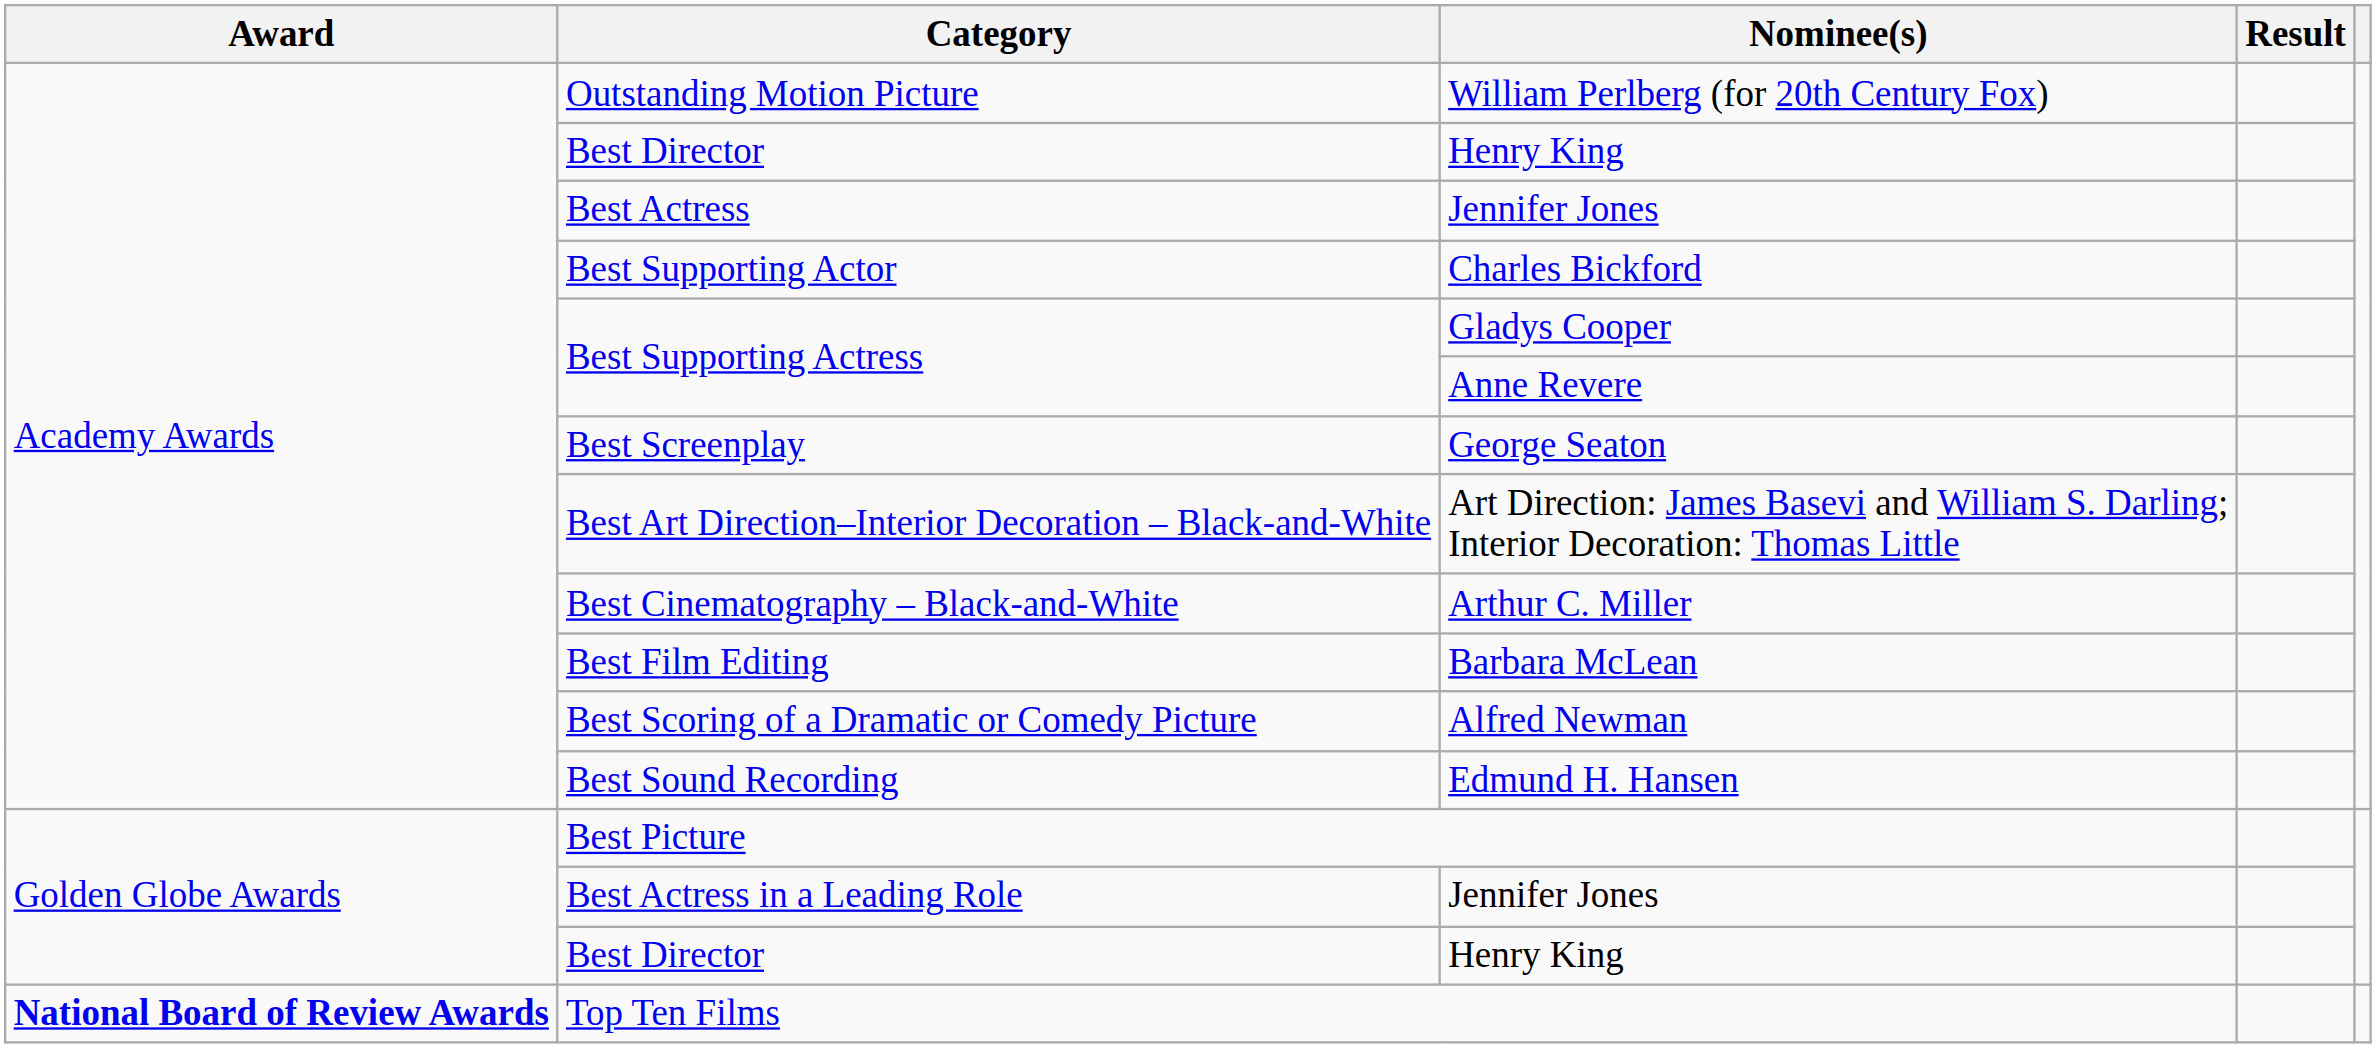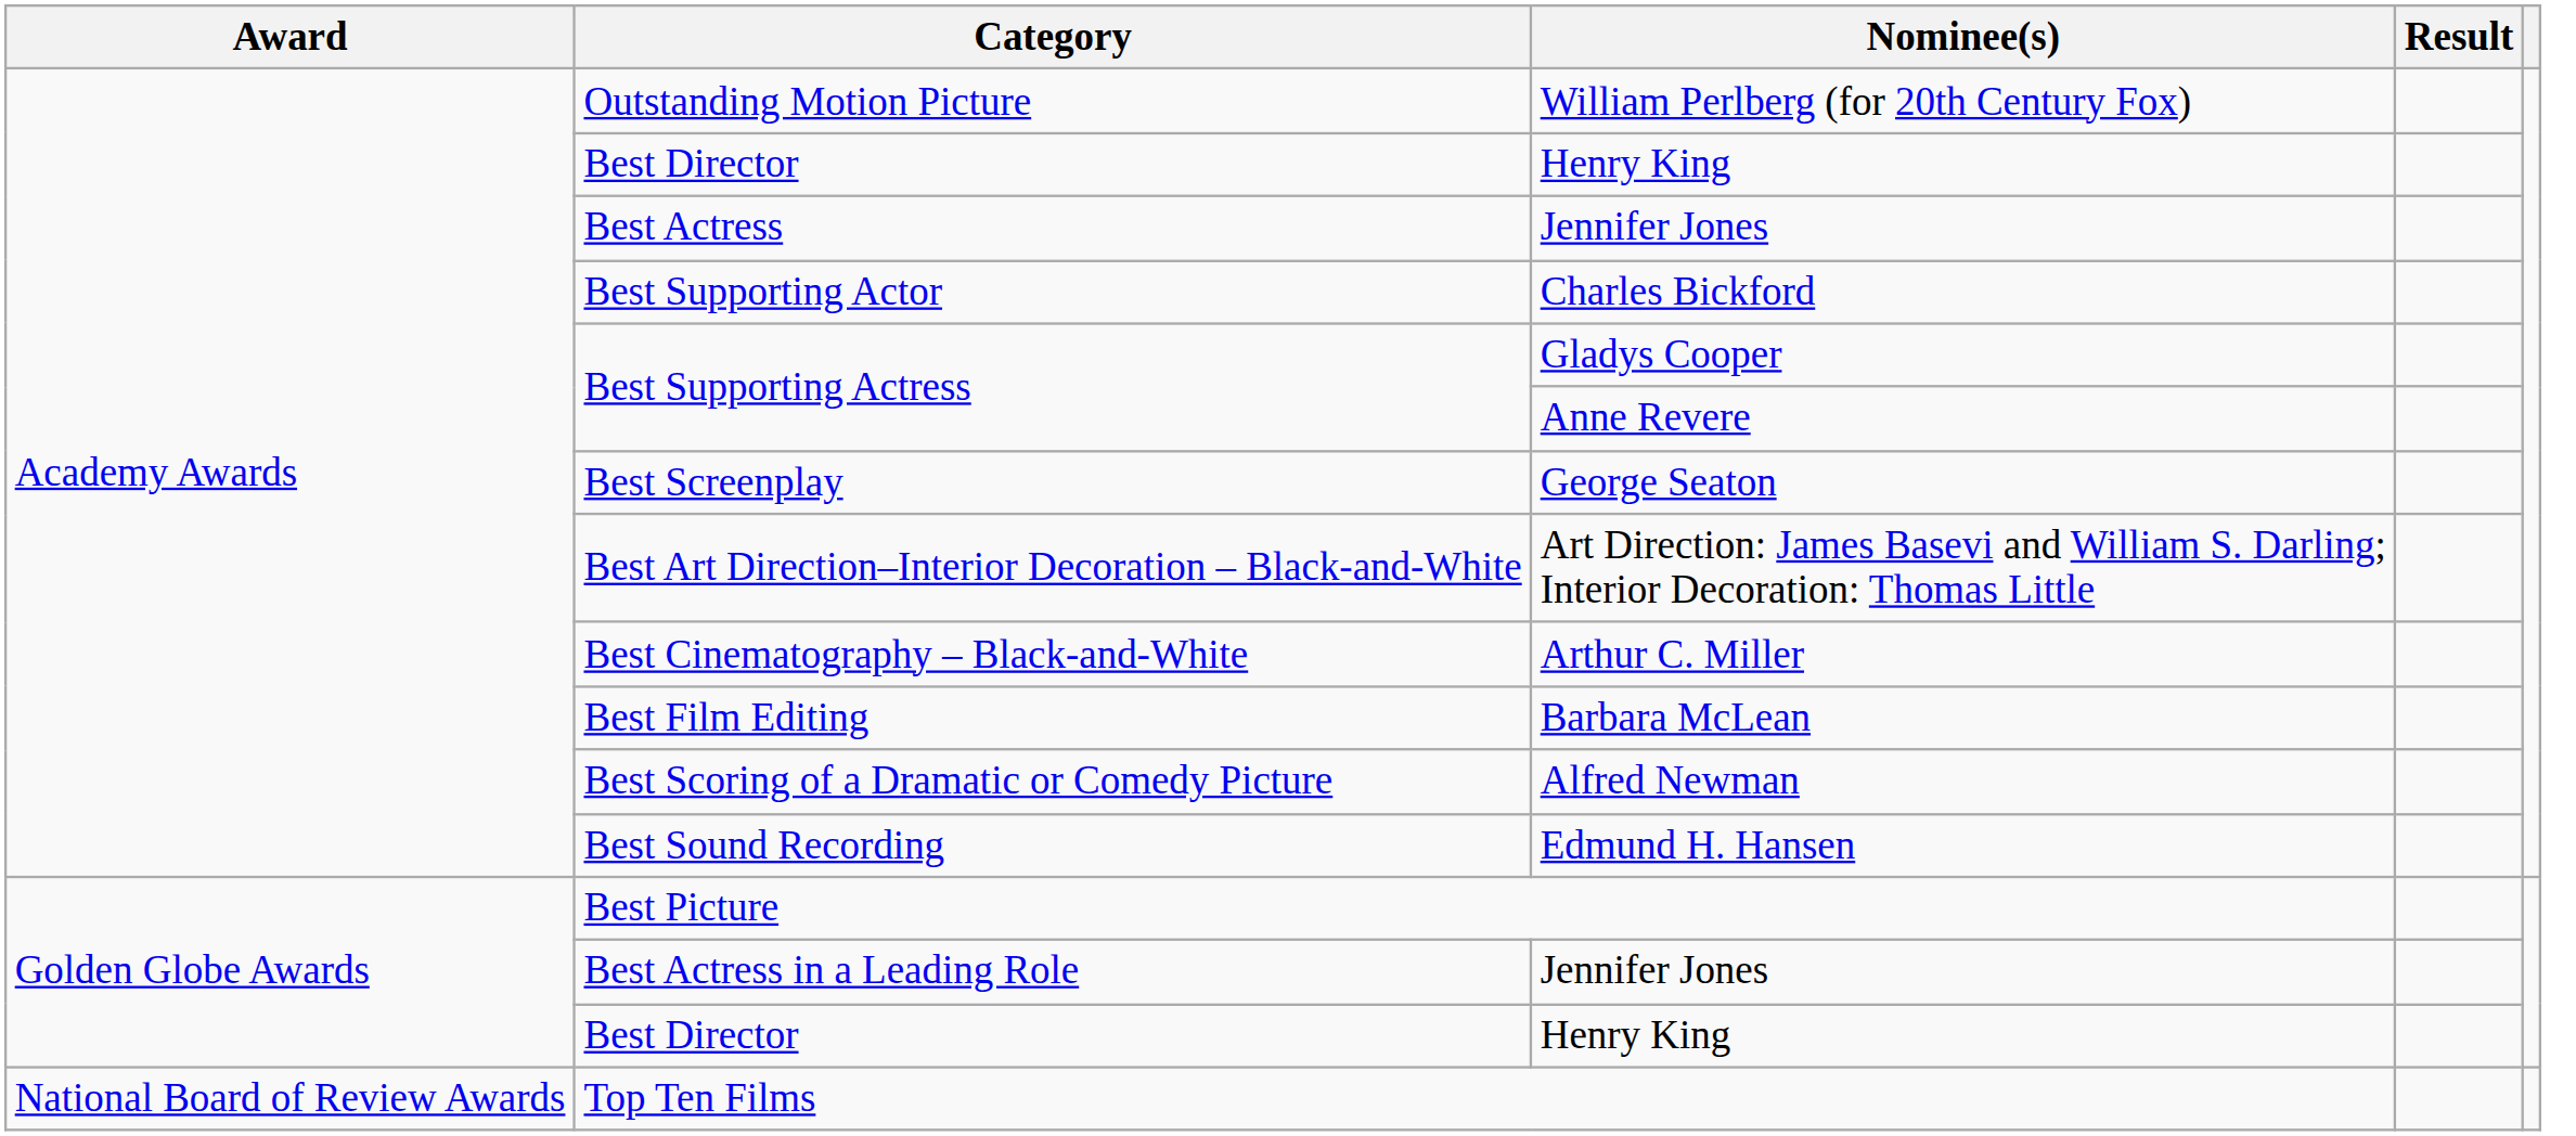 <table class="wikitable">
 <tr>
 <th>Award</th>
 <th>Category</th>
 <th>Nominee(s)</th>
 <th>Result</th>
 <th></th>
 </tr>
 <tr>
 <td rowspan="12"><a href='#'>Academy Awards</a></td>
 <td><a href='#'>Outstanding Motion Picture</a></td>
 <td><a href='#'>William Perlberg</a> (for <a href='#'>20th Century Fox</a>)</td>
 <td></td>
 <td rowspan="12" align="center"> <br> </td>
 </tr>
 <tr>
 <td><a href='#'>Best Director</a></td>
 <td><a href='#'>Henry King</a></td>
 <td></td>
 </tr>
 <tr>
 <td><a href='#'>Best Actress</a></td>
 <td><a href='#'>Jennifer Jones</a></td>
 <td></td>
 </tr>
 <tr>
 <td><a href='#'>Best Supporting Actor</a></td>
 <td><a href='#'>Charles Bickford</a></td>
 <td></td>
 </tr>
 <tr>
 <td rowspan="2"><a href='#'>Best Supporting Actress</a></td>
 <td><a href='#'>Gladys Cooper</a></td>
 <td></td>
 </tr>
 <tr>
 <td><a href='#'>Anne Revere</a></td>
 <td></td>
 </tr>
 <tr>
 <td><a href='#'>Best Screenplay</a></td>
 <td><a href='#'>George Seaton</a></td>
 <td></td>
 </tr>
 <tr>
 <td><a href='#'>Best Art Direction–Interior Decoration – Black-and-White</a></td>
 <td>Art Direction: <a href='#'>James Basevi</a> and <a href='#'>William S. Darling</a>; <br> Interior Decoration: <a href='#'>Thomas Little</a></td>
 <td></td>
 </tr>
 <tr>
 <td><a href='#'>Best Cinematography – Black-and-White</a></td>
 <td><a href='#'>Arthur C. Miller</a></td>
 <td></td>
 </tr>
 <tr>
 <td><a href='#'>Best Film Editing</a></td>
 <td><a href='#'>Barbara McLean</a></td>
 <td></td>
 </tr>
 <tr>
 <td><a href='#'>Best Scoring of a Dramatic or Comedy Picture</a></td>
 <td><a href='#'>Alfred Newman</a></td>
 <td></td>
 </tr>
 <tr>
 <td><a href='#'>Best Sound Recording</a></td>
 <td><a href='#'>Edmund H. Hansen</a></td>
 <td></td>
 </tr>
 <tr>
 <td rowspan="3"><a href='#'>Golden Globe Awards</a></td>
 <td colspan="2"><a href='#'>Best Picture</a></td>
 <td></td>
 <td rowspan="3" align="center"></td>
 </tr>
 <tr>
 <td><a href='#'>Best Actress in a Leading Role</a></td>
 <td>Jennifer Jones</td>
 <td></td>
 </tr>
 <tr>
 <td><a href='#'>Best Director</a></td>
 <td>Henry King</td>
 <td></td>
 </tr>
 <tr>
-<td><strong><a href='#'>National Board of Review Awards</a></strong></td>
+<td><a href='#'>National Board of Review Awards</a></td>
 <td colspan="2"><a href='#'>Top Ten Films</a></td>
 <td></td>
 <td align="center"></td>
 </tr>
 </table>
